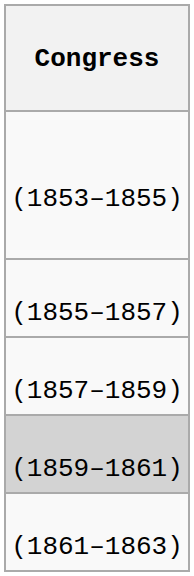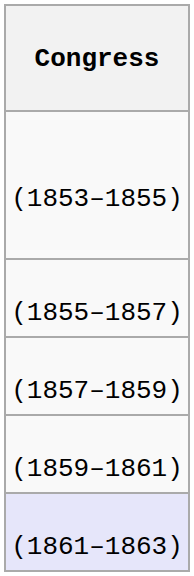 <table class="wikitable" style="float:left; margin:0; margin-right:-0.5px; margin-top:14px; text-align:center;">
 <tr style="white-space:nowrap; height:4.1em;">
 <th>Congress</th>
 </tr>
 <tr style="white-space:nowrap; height:5.64em;">
 <td><strong></strong><br>(1853–1855)</td>
 </tr>
 <tr style="white-space:nowrap; height:3em">
 <td><strong></strong><br>(1855–1857)</td>
 </tr>
 <tr style="white-space:nowrap; height:3em">
 <td><strong></strong><br>(1857–1859)</td>
 </tr>
 <tr style="white-space:nowrap; height:3em">
-<td style="background: lightgrey;"><strong></strong><br>(1859–1861)</td>
+<td><strong></strong><br>(1859–1861)</td>
 </tr>
 <tr style="white-space:nowrap; height:3em">
-<td><strong></strong><br>(1861–1863)</td>
+<td style="background: lavender;"><strong></strong><br>(1861–1863)</td>
 </tr>
 </table>
